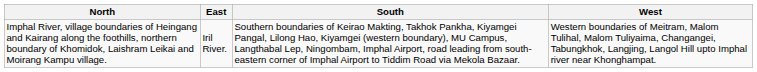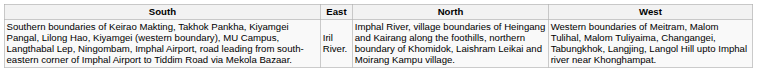 <table class="wikitable">
 <tr>
+<th>South</th>
+<th>East</th>
 <th>North</th>
-<th>East</th>
-<th>South</th>
 <th>West</th>
 </tr>
 <tr>
+<td>Southern boundaries of Keirao Makting, Takhok Pankha, Kiyamgei Pangal, Lilong Hao, Kiyamgei (western boundary), MU Campus, Langthabal Lep, Ningombam, Imphal Airport, road leading from south-eastern corner of Imphal Airport to Tiddim Road via Mekola Bazaar.</td>
+<td>Iril River.</td>
 <td>Imphal River, village boundaries of Heingang and Kairang along the foothills, northern boundary of Khomidok, Laishram Leikai and Moirang Kampu village.</td>
-<td>Iril River.</td>
-<td>Southern boundaries of Keirao Makting, Takhok Pankha, Kiyamgei Pangal, Lilong Hao, Kiyamgei (western boundary), MU Campus, Langthabal Lep, Ningombam, Imphal Airport, road leading from south-eastern corner of Imphal Airport to Tiddim Road via Mekola Bazaar.</td>
 <td>Western boundaries of Meitram, Malom Tulihal, Malom Tuliyaima, Changangei, Tabungkhok, Langjing, Langol Hill upto Imphal river near Khonghampat.</td>
 </tr>
 </table>
